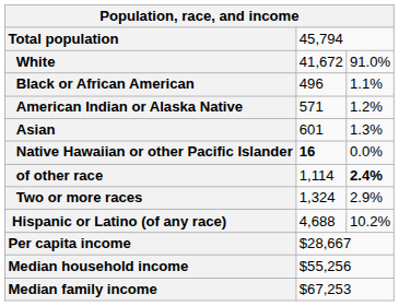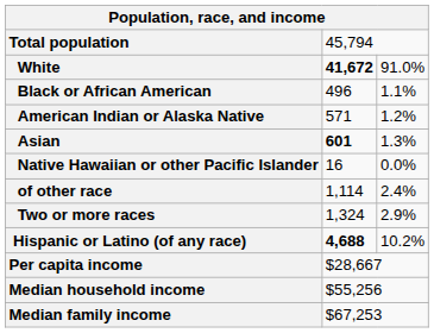 <table class="wikitable collapsible">
 <tr>
 <th colspan="6">Population, race, and income</th>
 </tr>
 <tr>
 <th scope="row" style="text-align: left;">Total population</th>
 <td colspan="2">45,794</td>
 </tr>
 <tr>
 <th scope="row" style="text-align: left;">  White</th>
-<td>41,672</td>
+<td><strong>41,672</strong></td>
 <td>91.0%</td>
 </tr>
 <tr>
 <th scope="row" style="text-align: left;">  Black or African American</th>
 <td>496</td>
 <td>1.1%</td>
 </tr>
 <tr>
 <th scope="row" style="text-align: left;">  American Indian or Alaska Native</th>
 <td>571</td>
 <td>1.2%</td>
 </tr>
 <tr>
 <th scope="row" style="text-align: left;">  Asian</th>
-<td>601</td>
+<td><strong>601</strong></td>
 <td>1.3%</td>
 </tr>
 <tr>
 <th scope="row" style="text-align: left;">  Native Hawaiian or other Pacific Islander</th>
-<td><strong>16</strong></td>
+<td>16</td>
 <td>0.0%</td>
 </tr>
 <tr>
 <th scope="row" style="text-align: left;">  of other race</th>
 <td>1,114</td>
-<td><strong>2.4%</strong></td>
+<td>2.4%</td>
 </tr>
 <tr>
 <th scope="row" style="text-align: left;">  Two or more races</th>
 <td>1,324</td>
 <td>2.9%</td>
 </tr>
 <tr>
 <th scope="row" style="text-align: left;"> Hispanic or Latino (of any race)</th>
-<td>4,688</td>
+<td><strong>4,688</strong></td>
 <td>10.2%</td>
 </tr>
 <tr>
 <th scope="row" style="text-align: left;">Per capita income</th>
 <td colspan="2">$28,667</td>
 </tr>
 <tr>
 <th scope="row" style="text-align: left;">Median household income</th>
 <td colspan="2">$55,256</td>
 </tr>
 <tr>
 <th scope="row" style="text-align: left;">Median family income</th>
 <td colspan="2">$67,253</td>
 </tr>
 </table>
